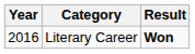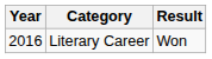 <table class="wikitable">
 <tr>
 <th>Year</th>
 <th>Category</th>
 <th>Result</th>
 </tr>
 <tr>
 <td>2016</td>
 <td>Literary Career</td>
-<td><strong>Won</strong></td>
+<td>Won</td>
 </tr>
 </table>
